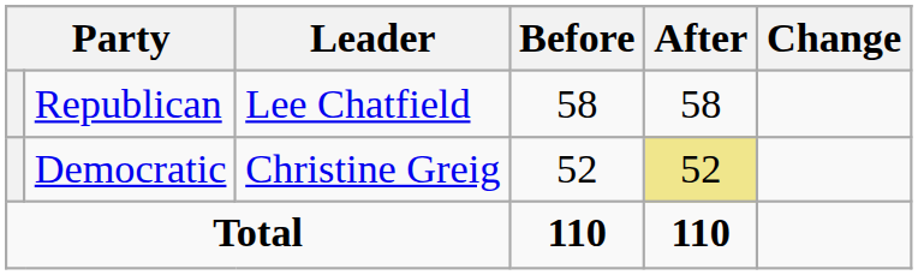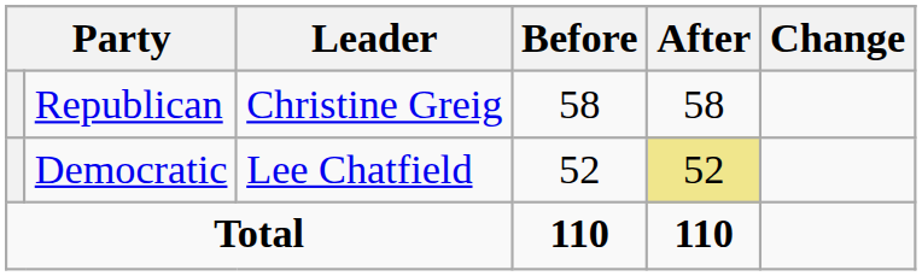 <table class="wikitable" style="text-align:center;">
 <tr>
 </tr>
 <tr>
 <th colspan=2>Party</th>
 <th>Leader</th>
 <th>Before</th>
 <th>After</th>
 <th>Change</th>
 </tr>
 <tr>
 <th style="background-color:"></th>
 <td style="text-align:left;"><a href='#'>Republican</a></td>
-<td style="text-align:left;"><a href='#'>Lee Chatfield</a></td>
+<td style="text-align:left;"><a href='#'>Christine Greig</a></td>
 <td>58</td>
 <td>58</td>
 <td></td>
 </tr>
 <tr>
 <th style="background-color:"></th>
 <td style="text-align:left;"><a href='#'>Democratic</a></td>
-<td style="text-align:left;"><a href='#'>Christine Greig</a></td>
+<td style="text-align:left;"><a href='#'>Lee Chatfield</a></td>
 <td>52</td>
 <td style="background: khaki;">52</td>
 <td></td>
 </tr>
 <tr>
 <td colspan=3><strong>Total</strong></td>
 <td><strong>110</strong></td>
 <td><strong>110</strong></td>
 <td></td>
 </tr>
 </table>
